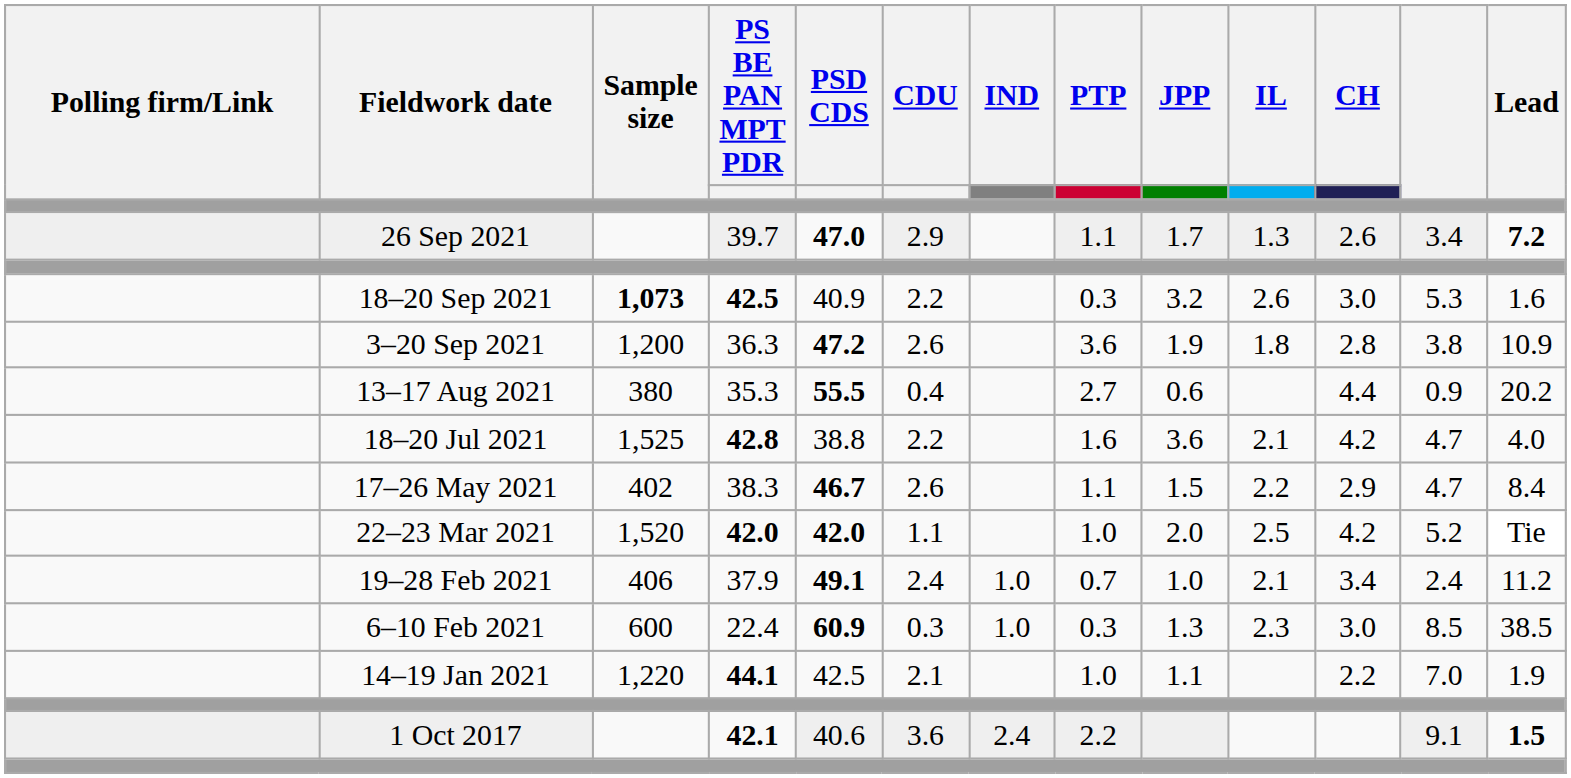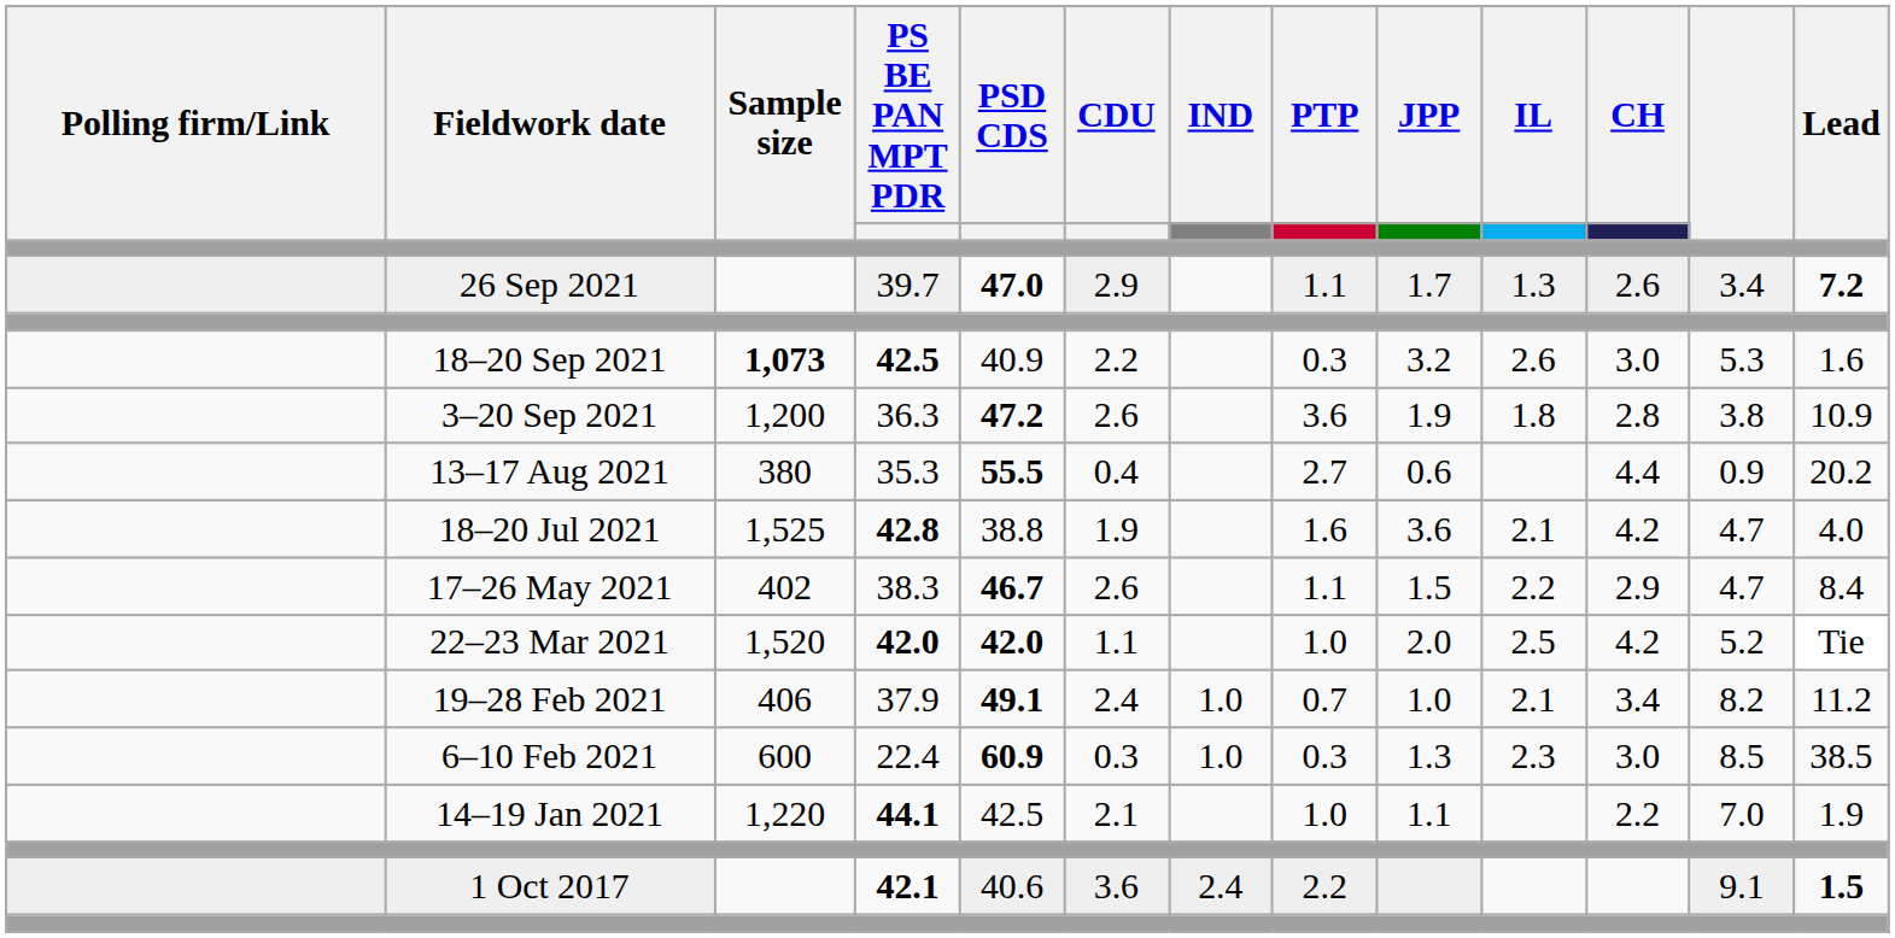 <table class="wikitable sortable mw-datatable" style="text-align:center;font-size:90%;line-height:16px;">
 <tr style="height:42px;">
 <th style="width:145px;" rowspan="2">Polling firm/Link</th>
 <th style="width:125px;" rowspan="2">Fieldwork date</th>
 <th class="unsortable" style="width:50px;" rowspan="2">Sample size</th>
 <th class="unsortable" style="width:35px;"><a href='#'>PS</a><br><a href='#'>BE</a><br><a href='#'>PAN</a><br><a href='#'>MPT</a><br><a href='#'>PDR</a></th>
 <th class="unsortable" style="width:35px;"><a href='#'>PSD</a><br><a href='#'>CDS</a></th>
 <th class="unsortable" style="width:35px;"><a href='#'>CDU</a></th>
 <th class="unsortable" style="width:35px;"><a href='#'>IND</a></th>
 <th class="unsortable" style="width:35px;"><a href='#'>PTP</a></th>
 <th class="unsortable" style="width:35px;"><a href='#'>JPP</a></th>
 <th class="unsortable" style="width:35px;"><a href='#'>IL</a></th>
 <th class="unsortable" style="width:35px;"><a href='#'>CH</a></th>
 <th class="unsortable" style="width:35px;" rowspan="2"></th>
 <th class="unsortable" style="width:30px;" rowspan="2">Lead</th>
 </tr>
 <tr>
 <th class="unsortable" style="color:inherit;background:"></th>
 <th class="unsortable" style="color:inherit;background:"></th>
 <th class="unsortable" style="color:inherit;background:"></th>
 <th class="unsortable" style="color:inherit;background:gray;"></th>
 <th class="unsortable" style="color:inherit;background:#CC0033;"></th>
 <th class="unsortable" style="color:inherit;background:green;"></th>
 <th class="sortable" style="background:#00ADEF;"></th>
 <th class="unsortable" style="color:inherit;background:#202056;"></th>
 </tr>
 <tr>
 <td colspan="14" style="background:#A0A0A0"></td>
 </tr>
 <tr>
 <td style="background:#EFEFEF;"><strong></strong></td>
 <td style="background:#EFEFEF;" data-sort-value="2019-10-06">26 Sep 2021</td>
 <td></td>
 <td style="background:#EFEFEF;">39.7<br></td>
 <td><strong>47.0</strong><br></td>
 <td style="background:#EFEFEF;">2.9<br></td>
 <td></td>
 <td style="background:#EFEFEF;">1.1<br></td>
 <td style="background:#EFEFEF;">1.7<br></td>
 <td style="background:#EFEFEF;">1.3<br></td>
 <td style="background:#EFEFEF;">2.6<br></td>
 <td style="background:#EFEFEF;">3.4<br></td>
 <td style="background:"><strong>7.2</strong></td>
 </tr>
 <tr>
 <td colspan="14" style="background:#A0A0A0"></td>
 </tr>
 <tr>
 <td align="center"><br></td>
 <td align="center">18–20 Sep 2021</td>
 <td><strong>1,073</strong></td>
 <td align="center" ><strong>42.5</strong><br></td>
 <td align="center">40.9<br></td>
 <td align="center">2.2<br></td>
 <td></td>
 <td align="center">0.3<br></td>
 <td align="center">3.2<br></td>
 <td align="center">2.6<br></td>
 <td align="center">3.0<br></td>
 <td align="center">5.3<br></td>
 <td style="background:">1.6</td>
 </tr>
 <tr>
 <td align="center"><br></td>
 <td align="center">3–20 Sep 2021</td>
 <td>1,200</td>
 <td align="center">36.3<br></td>
 <td align="center" ><strong>47.2</strong><br></td>
 <td align="center">2.6<br></td>
 <td></td>
 <td align="center">3.6<br></td>
 <td align="center">1.9<br></td>
 <td align="center">1.8<br></td>
 <td align="center">2.8<br></td>
 <td align="center">3.8<br></td>
 <td style="background:">10.9</td>
 </tr>
 <tr>
 <td align="center"></td>
 <td align="center">13–17 Aug 2021</td>
 <td>380</td>
 <td align="center">35.3</td>
 <td align="center" ><strong>55.5</strong></td>
 <td align="center">0.4</td>
 <td></td>
 <td align="center">2.7</td>
 <td align="center">0.6</td>
 <td></td>
 <td align="center">4.4</td>
 <td align="center">0.9</td>
 <td style="background:">20.2</td>
 </tr>
 <tr>
 <td align="center"><br></td>
 <td align="center">18–20 Jul 2021</td>
 <td>1,525</td>
 <td align="center" ><strong>42.8</strong><br></td>
 <td align="center">38.8<br></td>
-<td align="center">2.2<br></td>
+<td align="center">1.9<br></td>
 <td></td>
 <td align="center">1.6<br></td>
 <td align="center">3.6<br></td>
 <td align="center">2.1<br></td>
 <td align="center">4.2<br></td>
 <td align="center">4.7<br></td>
 <td style="background:">4.0</td>
 </tr>
 <tr>
 <td align="center"></td>
 <td align="center">17–26 May 2021</td>
 <td>402</td>
 <td align="center">38.3</td>
 <td align="center" ><strong>46.7</strong></td>
 <td align="center">2.6</td>
 <td></td>
 <td align="center">1.1</td>
 <td align="center">1.5</td>
 <td align="center">2.2</td>
 <td align="center">2.9</td>
 <td align="center">4.7</td>
 <td style="background:">8.4</td>
 </tr>
 <tr>
 <td align="center"><br></td>
 <td align="center">22–23 Mar 2021</td>
 <td>1,520</td>
 <td align="center" ><strong>42.0</strong><br></td>
 <td align="center" ><strong>42.0</strong><br></td>
 <td align="center">1.1<br></td>
 <td></td>
 <td align="center">1.0<br></td>
 <td align="center">2.0<br></td>
 <td align="center">2.5<br></td>
 <td align="center">4.2<br></td>
 <td align="center">5.2<br></td>
 <td style="background:white; color:black;">Tie</td>
 </tr>
 <tr>
 <td align="center"></td>
 <td align="center">19–28 Feb 2021</td>
 <td>406</td>
 <td align="center">37.9</td>
 <td align="center" ><strong>49.1</strong></td>
 <td align="center">2.4</td>
 <td align="center">1.0</td>
 <td align="center">0.7</td>
 <td align="center">1.0</td>
 <td align="center">2.1</td>
 <td align="center">3.4</td>
-<td align="center">2.4</td>
+<td align="center">8.2</td>
 <td style="background:">11.2</td>
 </tr>
 <tr>
 <td align="center"></td>
 <td align="center">6–10 Feb 2021</td>
 <td>600</td>
 <td align="center">22.4</td>
 <td align="center" ><strong>60.9</strong></td>
 <td align="center">0.3</td>
 <td align="center">1.0</td>
 <td align="center">0.3</td>
 <td align="center">1.3</td>
 <td align="center">2.3</td>
 <td align="center">3.0</td>
 <td align="center">8.5</td>
 <td style="background:">38.5</td>
 </tr>
 <tr>
 <td align="center"><br></td>
 <td align="center">14–19 Jan 2021</td>
 <td>1,220</td>
 <td align="center" ><strong>44.1</strong><br></td>
 <td align="center">42.5<br></td>
 <td align="center">2.1<br></td>
 <td></td>
 <td align="center">1.0<br></td>
 <td align="center">1.1<br></td>
 <td></td>
 <td align="center">2.2<br></td>
 <td align="center">7.0<br></td>
 <td style="background:">1.9</td>
 </tr>
 <tr>
 <td colspan="14" style="background:#A0A0A0"></td>
 </tr>
 <tr>
 <td style="background:#EFEFEF;"><strong></strong></td>
 <td style="background:#EFEFEF;" data-sort-value="2019-10-06">1 Oct 2017</td>
 <td></td>
 <td><strong>42.1</strong><br></td>
 <td style="background:#EFEFEF;">40.6<br></td>
 <td style="background:#EFEFEF;">3.6<br></td>
 <td style="background:#EFEFEF;">2.4<br></td>
 <td style="background:#EFEFEF;">2.2<br></td>
 <td style="background:#EFEFEF;"></td>
 <td></td>
 <td></td>
 <td style="background:#EFEFEF;">9.1<br></td>
 <td style="background:"><strong>1.5</strong></td>
 </tr>
 <tr>
 <td colspan="14" style="background:#A0A0A0"></td>
 </tr>
 </table>
